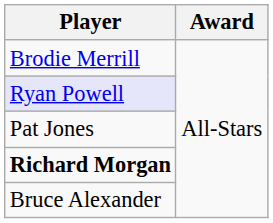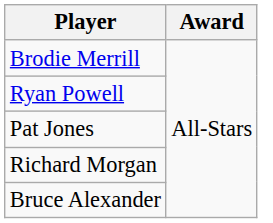 <table class="wikitable">
 <tr>
 <th>Player</th>
 <th>Award</th>
 </tr>
 <tr>
 <td><a href='#'>Brodie Merrill</a></td>
 <td rowspan=5>All-Stars</td>
 </tr>
 <tr>
-<td style="background: lavender;"><a href='#'>Ryan Powell</a></td>
+<td><a href='#'>Ryan Powell</a></td>
 </tr>
 <tr>
 <td>Pat Jones</td>
 </tr>
 <tr>
-<td><strong>Richard Morgan</strong></td>
+<td>Richard Morgan</td>
 </tr>
 <tr>
 <td>Bruce Alexander</td>
 </tr>
 </table>
